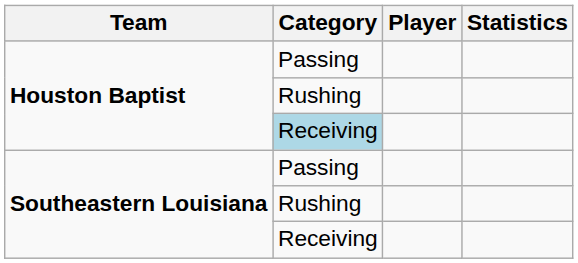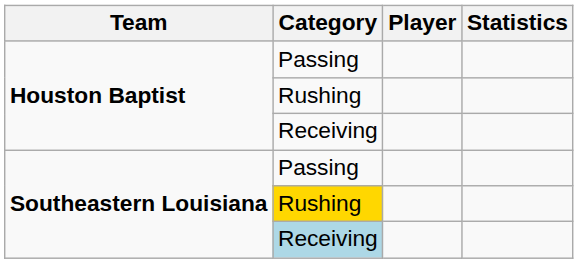 <table class="wikitable" style="float: left;">
 <tr>
 <th>Team</th>
 <th>Category</th>
 <th>Player</th>
 <th>Statistics</th>
 </tr>
 <tr>
 <td rowspan=3><strong>Houston Baptist</strong></td>
 <td>Passing</td>
 <td> </td>
 <td> </td>
 </tr>
 <tr>
 <td>Rushing</td>
 <td> </td>
 <td> </td>
 </tr>
 <tr>
-<td style="background: lightblue;">Receiving</td>
+<td>Receiving</td>
 <td> </td>
 <td> </td>
 </tr>
 <tr>
 <td rowspan=3><strong>Southeastern Louisiana</strong></td>
 <td>Passing</td>
 <td> </td>
 <td> </td>
 </tr>
 <tr>
-<td>Rushing</td>
+<td style="background: gold;">Rushing</td>
 <td> </td>
 <td> </td>
 </tr>
 <tr>
-<td>Receiving</td>
+<td style="background: lightblue;">Receiving</td>
 <td> </td>
 <td> </td>
 </tr>
 </table>
